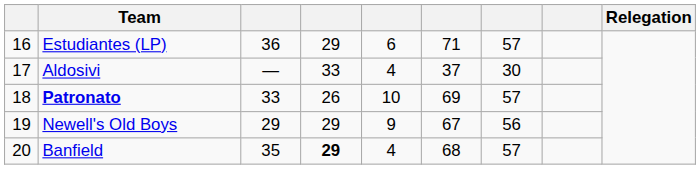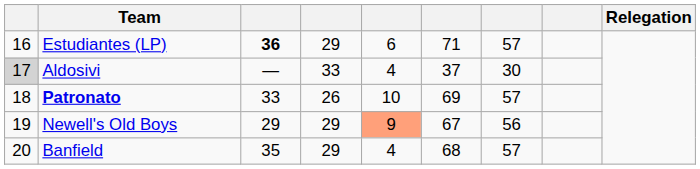 <table class="wikitable sortable" style="text-align: center;">
 <tr>
 <th width=25></th>
 <th width=185>Team</th>
 <th width=50></th>
 <th width=50></th>
 <th width=50></th>
 <th width=50></th>
 <th width=50></th>
 <th width=50></th>
 <th>Relegation</th>
 </tr>
 <tr>
 <td>16</td>
 <td align="left"><a href='#'>Estudiantes (LP)</a></td>
-<td>36</td>
+<td><strong>36</strong></td>
 <td>29</td>
 <td>6</td>
 <td>71</td>
 <td>57</td>
 <td><strong></strong></td>
 </tr>
 <tr>
-<td>17</td>
+<td style="background: lightgrey;">17</td>
 <td align="left"><a href='#'>Aldosivi</a></td>
 <td>—</td>
 <td>33</td>
 <td>4</td>
 <td>37</td>
 <td>30</td>
 <td><strong></strong></td>
 </tr>
 <tr>
 <td>18</td>
 <td align="left"><strong><a href='#'>Patronato</a></strong></td>
 <td>33</td>
 <td>26</td>
 <td>10</td>
 <td>69</td>
 <td>57</td>
 <td><strong></strong></td>
 </tr>
 <tr>
 <td>19</td>
 <td align="left"><a href='#'>Newell's Old Boys</a></td>
 <td>29</td>
 <td>29</td>
-<td>9</td>
+<td style="background: lightsalmon;">9</td>
 <td>67</td>
 <td>56</td>
 <td><strong></strong></td>
 </tr>
 <tr>
 <td>20</td>
 <td align="left"><a href='#'>Banfield</a></td>
 <td>35</td>
-<td><strong>29</strong></td>
+<td>29</td>
 <td>4</td>
 <td>68</td>
 <td>57</td>
 <td><strong></strong></td>
 </tr>
 </table>
